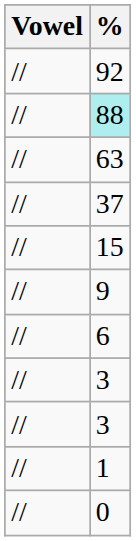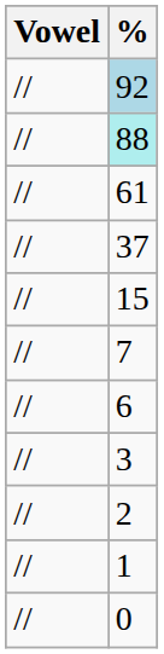 <table class="wikitable">
 <tr>
 <th>Vowel</th>
 <th>%</th>
 </tr>
 <tr>
 <td>//</td>
-<td>92</td>
+<td style="background: lightblue;">92</td>
 </tr>
 <tr>
 <td>//</td>
 <td style="background: paleturquoise;">88</td>
 </tr>
 <tr>
 <td>//</td>
-<td>63</td>
+<td>61</td>
 </tr>
 <tr>
 <td>//</td>
 <td>37</td>
 </tr>
 <tr>
 <td>//</td>
 <td>15</td>
 </tr>
 <tr>
 <td>//</td>
-<td>9</td>
+<td>7</td>
 </tr>
 <tr>
 <td>//</td>
 <td>6</td>
 </tr>
 <tr>
 <td>//</td>
 <td>3</td>
 </tr>
 <tr>
 <td>//</td>
-<td>3</td>
+<td>2</td>
 </tr>
 <tr>
 <td>//</td>
 <td>1</td>
 </tr>
 <tr>
 <td>//</td>
 <td>0</td>
 </tr>
 </table>
